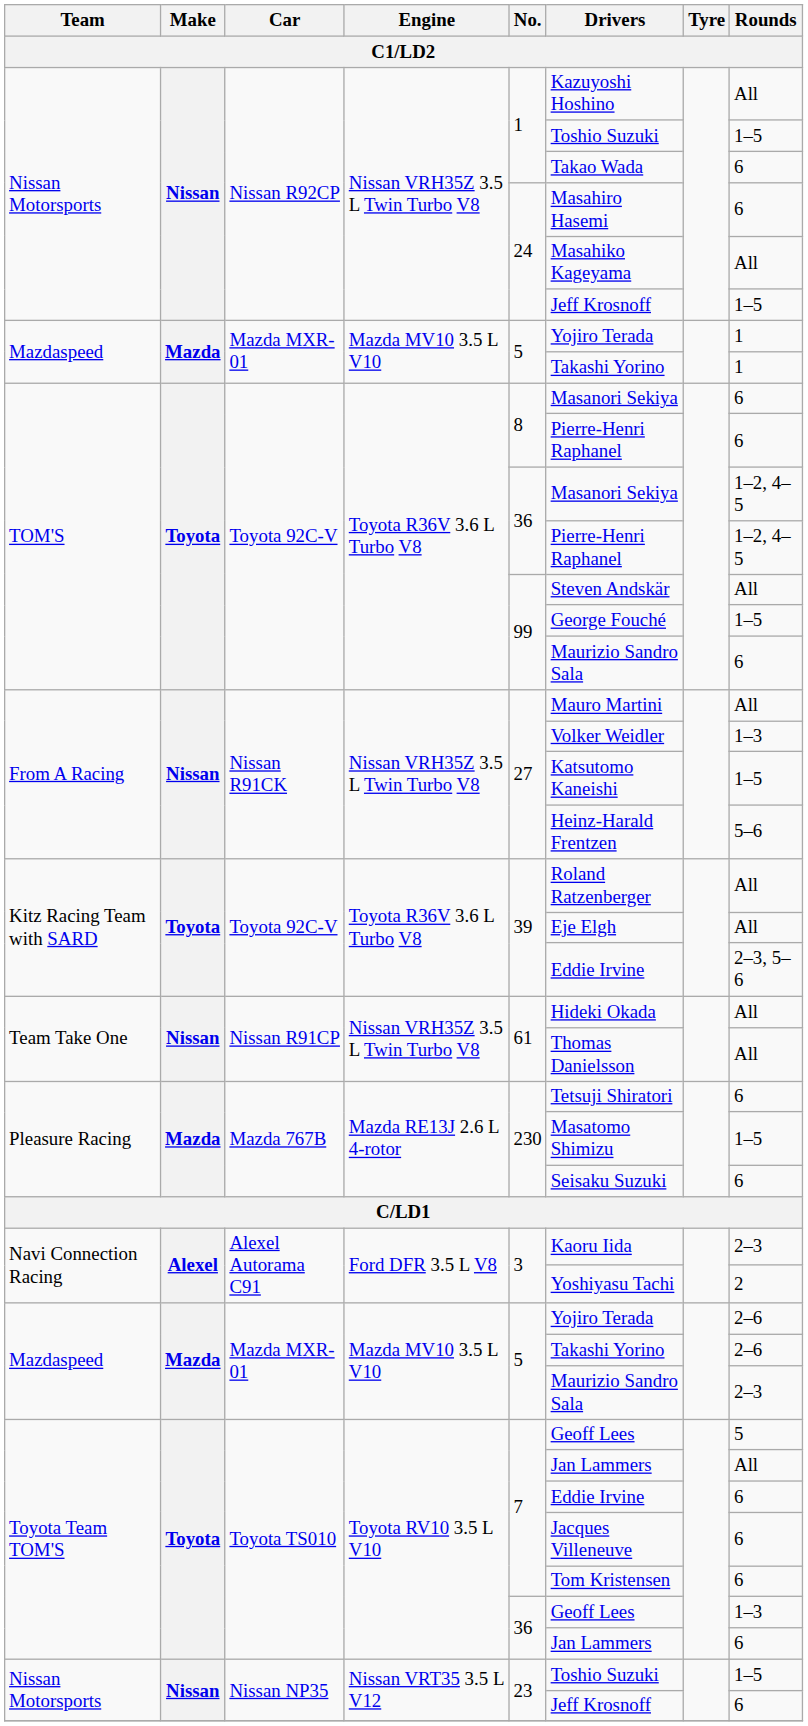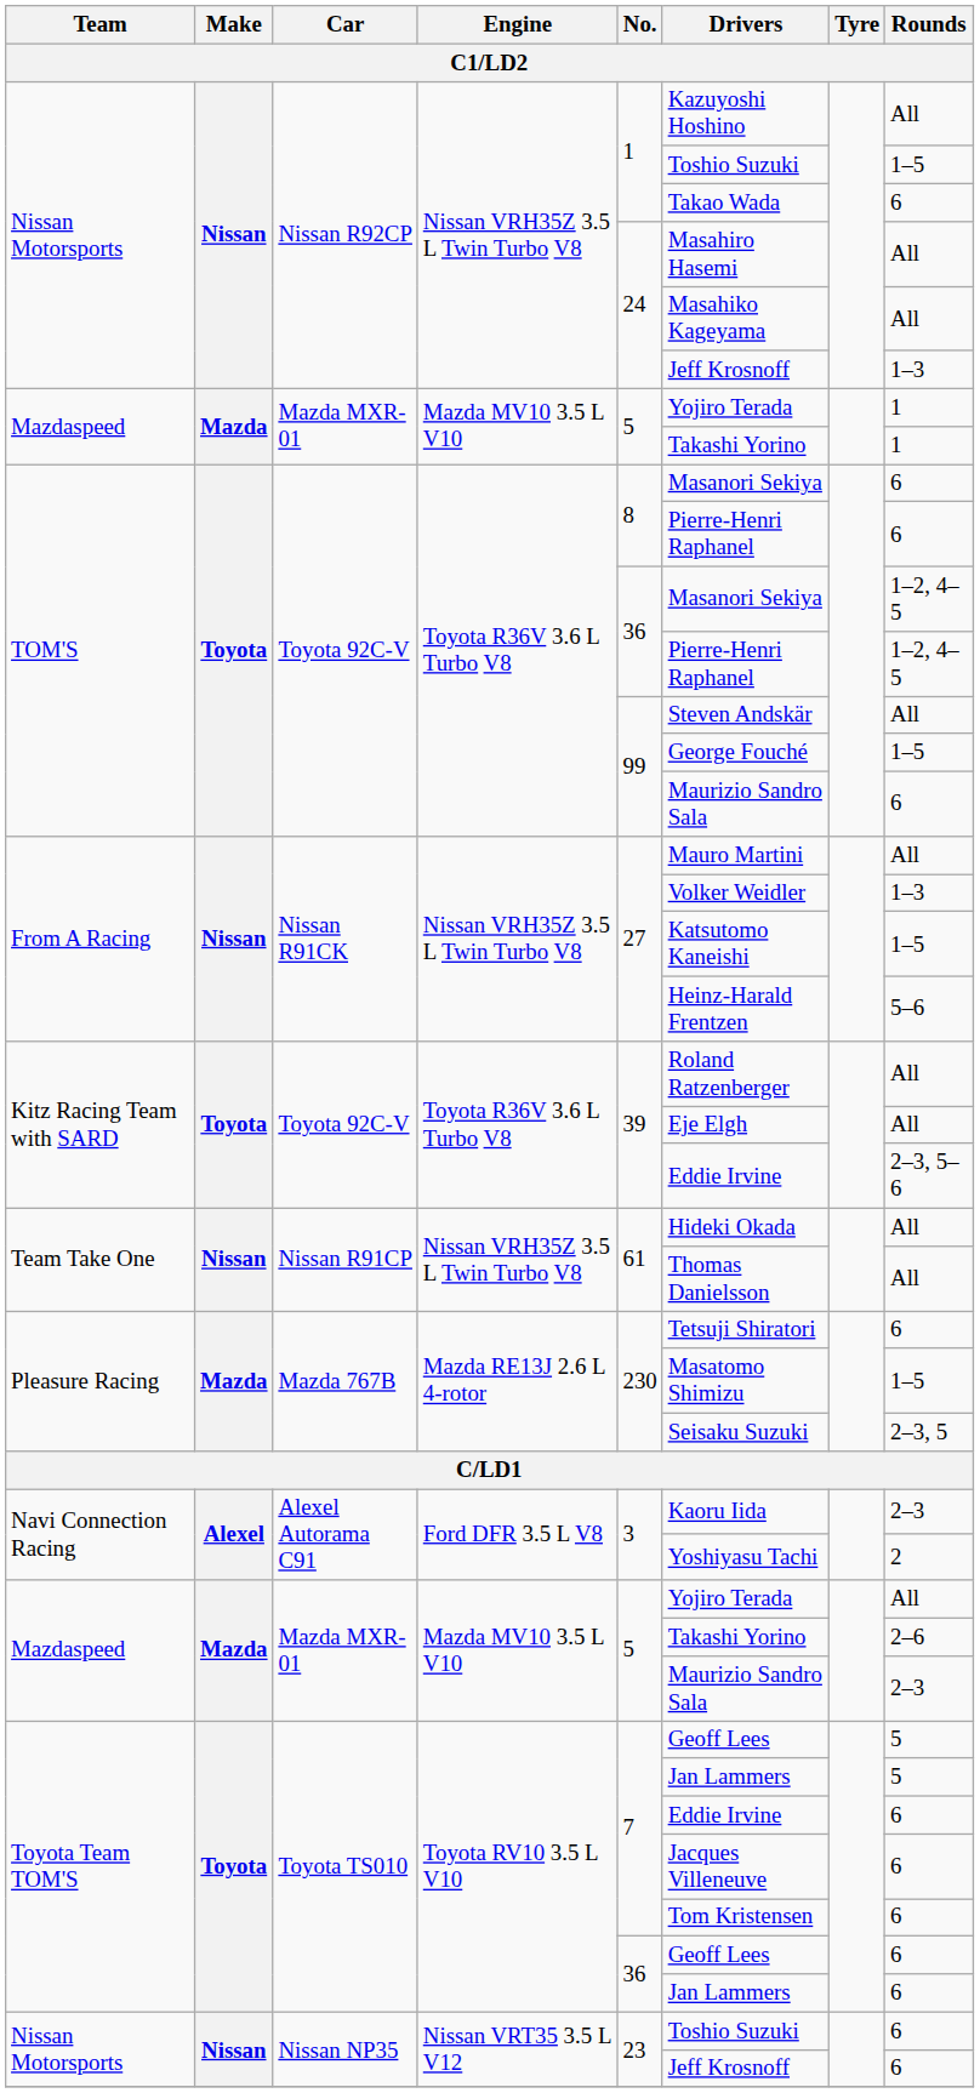 <table class="wikitable" style="font-size: 90%;">
 <tr>
 <th>Team</th>
 <th>Make</th>
 <th>Car</th>
 <th>Engine</th>
 <th>No.</th>
 <th>Drivers</th>
 <th>Tyre</th>
 <th>Rounds</th>
 </tr>
 <tr>
 <th colspan=8>C1/LD2</th>
 </tr>
 <tr>
 <td rowspan=6><a href='#'>Nissan Motorsports</a></td>
 <th rowspan=6><a href='#'>Nissan</a></th>
 <td rowspan=6><a href='#'>Nissan R92CP</a></td>
 <td rowspan=6><a href='#'>Nissan VRH35Z</a> 3.5 L <a href='#'>Twin Turbo</a> <a href='#'>V8</a></td>
 <td rowspan=3>1</td>
 <td> <a href='#'>Kazuyoshi Hoshino</a></td>
 <td align=center rowspan=6></td>
 <td>All</td>
 </tr>
 <tr>
 <td> <a href='#'>Toshio Suzuki</a></td>
 <td>1–5</td>
 </tr>
 <tr>
 <td> <a href='#'>Takao Wada</a></td>
 <td>6</td>
 </tr>
 <tr>
 <td rowspan=3>24</td>
 <td> <a href='#'>Masahiro Hasemi</a></td>
-<td>6</td>
+<td>All</td>
 </tr>
 <tr>
 <td> <a href='#'>Masahiko Kageyama</a></td>
 <td>All</td>
 </tr>
 <tr>
 <td> <a href='#'>Jeff Krosnoff</a></td>
-<td>1–5</td>
+<td>1–3</td>
 </tr>
 <tr>
 <td rowspan=2><a href='#'>Mazdaspeed</a></td>
 <th rowspan=2><a href='#'>Mazda</a></th>
 <td rowspan=2><a href='#'>Mazda MXR-01</a></td>
 <td rowspan=2><a href='#'>Mazda MV10</a> 3.5 L <a href='#'>V10</a></td>
 <td rowspan=2>5</td>
 <td> <a href='#'>Yojiro Terada</a></td>
 <td align=center rowspan=2></td>
 <td>1</td>
 </tr>
 <tr>
 <td> <a href='#'>Takashi Yorino</a></td>
 <td>1</td>
 </tr>
 <tr>
 <td rowspan=7><a href='#'>TOM'S</a></td>
 <th rowspan=7><a href='#'>Toyota</a></th>
 <td rowspan=7><a href='#'>Toyota 92C-V</a></td>
 <td rowspan=7><a href='#'>Toyota R36V</a> 3.6 L <a href='#'>Turbo</a> <a href='#'>V8</a></td>
 <td rowspan=2>8</td>
 <td> <a href='#'>Masanori Sekiya</a></td>
 <td align=center rowspan=7></td>
 <td>6</td>
 </tr>
 <tr>
 <td> <a href='#'>Pierre-Henri Raphanel</a></td>
 <td>6</td>
 </tr>
 <tr>
 <td rowspan=2>36</td>
 <td> <a href='#'>Masanori Sekiya</a></td>
 <td>1–2, 4–5</td>
 </tr>
 <tr>
 <td> <a href='#'>Pierre-Henri Raphanel</a></td>
 <td>1–2, 4–5</td>
 </tr>
 <tr>
 <td rowspan=3>99</td>
 <td> <a href='#'>Steven Andskär</a></td>
 <td>All</td>
 </tr>
 <tr>
 <td> <a href='#'>George Fouché</a></td>
 <td>1–5</td>
 </tr>
 <tr>
 <td> <a href='#'>Maurizio Sandro Sala</a></td>
 <td>6</td>
 </tr>
 <tr>
 <td rowspan=4><a href='#'>From A Racing</a></td>
 <th rowspan=4><a href='#'>Nissan</a></th>
 <td rowspan=4><a href='#'>Nissan R91CK</a></td>
 <td rowspan=4><a href='#'>Nissan VRH35Z</a> 3.5 L <a href='#'>Twin Turbo</a> <a href='#'>V8</a></td>
 <td rowspan=4>27</td>
 <td> <a href='#'>Mauro Martini</a></td>
 <td align=center rowspan=4></td>
 <td>All</td>
 </tr>
 <tr>
 <td> <a href='#'>Volker Weidler</a></td>
 <td>1–3</td>
 </tr>
 <tr>
 <td> <a href='#'>Katsutomo Kaneishi</a></td>
 <td>1–5</td>
 </tr>
 <tr>
 <td> <a href='#'>Heinz-Harald Frentzen</a></td>
 <td>5–6</td>
 </tr>
 <tr>
 <td rowspan=3>Kitz Racing Team with <a href='#'>SARD</a></td>
 <th rowspan=3><a href='#'>Toyota</a></th>
 <td rowspan=3><a href='#'>Toyota 92C-V</a></td>
 <td rowspan=3><a href='#'>Toyota R36V</a> 3.6 L <a href='#'>Turbo</a> <a href='#'>V8</a></td>
 <td rowspan=3>39</td>
 <td> <a href='#'>Roland Ratzenberger</a></td>
 <td align=center rowspan=3></td>
 <td>All</td>
 </tr>
 <tr>
 <td> <a href='#'>Eje Elgh</a></td>
 <td>All</td>
 </tr>
 <tr>
 <td> <a href='#'>Eddie Irvine</a></td>
 <td>2–3, 5–6</td>
 </tr>
 <tr>
 <td rowspan=2>Team Take One</td>
 <th rowspan=2><a href='#'>Nissan</a></th>
 <td rowspan=2><a href='#'>Nissan R91CP</a></td>
 <td rowspan=2><a href='#'>Nissan VRH35Z</a> 3.5 L <a href='#'>Twin Turbo</a> <a href='#'>V8</a></td>
 <td rowspan=2>61</td>
 <td> <a href='#'>Hideki Okada</a></td>
 <td align=center rowspan=2></td>
 <td>All</td>
 </tr>
 <tr>
 <td> <a href='#'>Thomas Danielsson</a></td>
 <td>All</td>
 </tr>
 <tr>
 <td rowspan=3>Pleasure Racing</td>
 <th rowspan=3><a href='#'>Mazda</a></th>
 <td rowspan=3><a href='#'>Mazda 767B</a></td>
 <td rowspan=3><a href='#'>Mazda RE13J</a> 2.6 L <a href='#'>4-rotor</a></td>
 <td rowspan=3>230</td>
 <td> <a href='#'>Tetsuji Shiratori</a></td>
 <td align=center rowspan=3></td>
 <td>6</td>
 </tr>
 <tr>
 <td> <a href='#'>Masatomo Shimizu</a></td>
 <td>1–5</td>
 </tr>
 <tr>
 <td> <a href='#'>Seisaku Suzuki</a></td>
-<td>6</td>
+<td>2–3, 5</td>
 </tr>
 <tr>
 <th colspan=8>C/LD1</th>
 </tr>
 <tr>
 <td rowspan=2>Navi Connection Racing</td>
 <th rowspan=2><a href='#'>Alexel</a></th>
 <td rowspan=2><a href='#'>Alexel Autorama C91</a></td>
 <td rowspan=2><a href='#'>Ford DFR</a> 3.5 L <a href='#'>V8</a></td>
 <td rowspan=2>3</td>
 <td> <a href='#'>Kaoru Iida</a></td>
 <td align=center rowspan=2></td>
 <td>2–3</td>
 </tr>
 <tr>
 <td> <a href='#'>Yoshiyasu Tachi</a></td>
 <td>2</td>
 </tr>
 <tr>
 <td rowspan=3><a href='#'>Mazdaspeed</a></td>
 <th rowspan=3><a href='#'>Mazda</a></th>
 <td rowspan=3><a href='#'>Mazda MXR-01</a></td>
 <td rowspan=3><a href='#'>Mazda MV10</a> 3.5 L <a href='#'>V10</a></td>
 <td rowspan=3>5</td>
 <td> <a href='#'>Yojiro Terada</a></td>
 <td align=center rowspan=3></td>
-<td>2–6</td>
+<td>All</td>
 </tr>
 <tr>
 <td> <a href='#'>Takashi Yorino</a></td>
 <td>2–6</td>
 </tr>
 <tr>
 <td> <a href='#'>Maurizio Sandro Sala</a></td>
 <td>2–3</td>
 </tr>
 <tr>
 <td rowspan=7><a href='#'>Toyota Team TOM'S</a></td>
 <th rowspan=7><a href='#'>Toyota</a></th>
 <td rowspan=7><a href='#'>Toyota TS010</a></td>
 <td rowspan=7><a href='#'>Toyota RV10</a> 3.5 L <a href='#'>V10</a></td>
 <td rowspan=5>7</td>
 <td> <a href='#'>Geoff Lees</a></td>
 <td align=center rowspan=7></td>
 <td>5</td>
 </tr>
 <tr>
 <td> <a href='#'>Jan Lammers</a></td>
-<td>All</td>
+<td>5</td>
 </tr>
 <tr>
 <td> <a href='#'>Eddie Irvine</a></td>
 <td>6</td>
 </tr>
 <tr>
 <td> <a href='#'>Jacques Villeneuve</a></td>
 <td>6</td>
 </tr>
 <tr>
 <td> <a href='#'>Tom Kristensen</a></td>
 <td>6</td>
 </tr>
 <tr>
 <td rowspan=2>36</td>
 <td> <a href='#'>Geoff Lees</a></td>
-<td>1–3</td>
+<td>6</td>
 </tr>
 <tr>
 <td> <a href='#'>Jan Lammers</a></td>
 <td>6</td>
 </tr>
 <tr>
 <td rowspan=2><a href='#'>Nissan Motorsports</a></td>
 <th rowspan=2><a href='#'>Nissan</a></th>
 <td rowspan=2><a href='#'>Nissan NP35</a></td>
 <td rowspan=2><a href='#'>Nissan VRT35</a> 3.5 L <a href='#'>V12</a></td>
 <td rowspan=2>23</td>
 <td> <a href='#'>Toshio Suzuki</a></td>
 <td align=center rowspan=2></td>
-<td>1–5</td>
+<td>6</td>
 </tr>
 <tr>
 <td> <a href='#'>Jeff Krosnoff</a></td>
 <td>6</td>
 </tr>
 <tr>
 </tr>
 </table>
